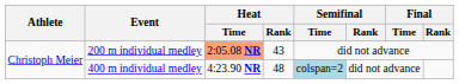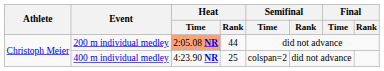 <table class=wikitable style="font-size:90%">
 <tr>
 <th rowspan="2">Athlete</th>
 <th rowspan="2">Event</th>
 <th colspan="2">Heat</th>
 <th colspan="2">Semifinal</th>
 <th colspan="2">Final</th>
 </tr>
 <tr style="font-size:95%">
 <th>Time</th>
 <th>Rank</th>
 <th>Time</th>
 <th>Rank</th>
 <th>Time</th>
 <th>Rank</th>
 </tr>
 <tr align=center>
 <td align=left rowspan=2><a href='#'>Christoph Meier</a></td>
 <td align=left><a href='#'>200 m individual medley</a></td>
 <td style="background: lightsalmon;">2:05.08 <strong><a href='#'>NR</a></strong></td>
-<td>43</td>
+<td>44</td>
 <td colspan=4>did not advance</td>
 </tr>
 <tr align=center>
 <td align=left><a href='#'>400 m individual medley</a></td>
 <td>4:23.90 <strong><a href='#'>NR</a></strong></td>
-<td>48</td>
-<td style="background: lightblue;">colspan=2 </td>
+<td>25</td>
+<td>colspan=2 </td>
 <td colspan=2>did not advance</td>
 </tr>
 </table>
